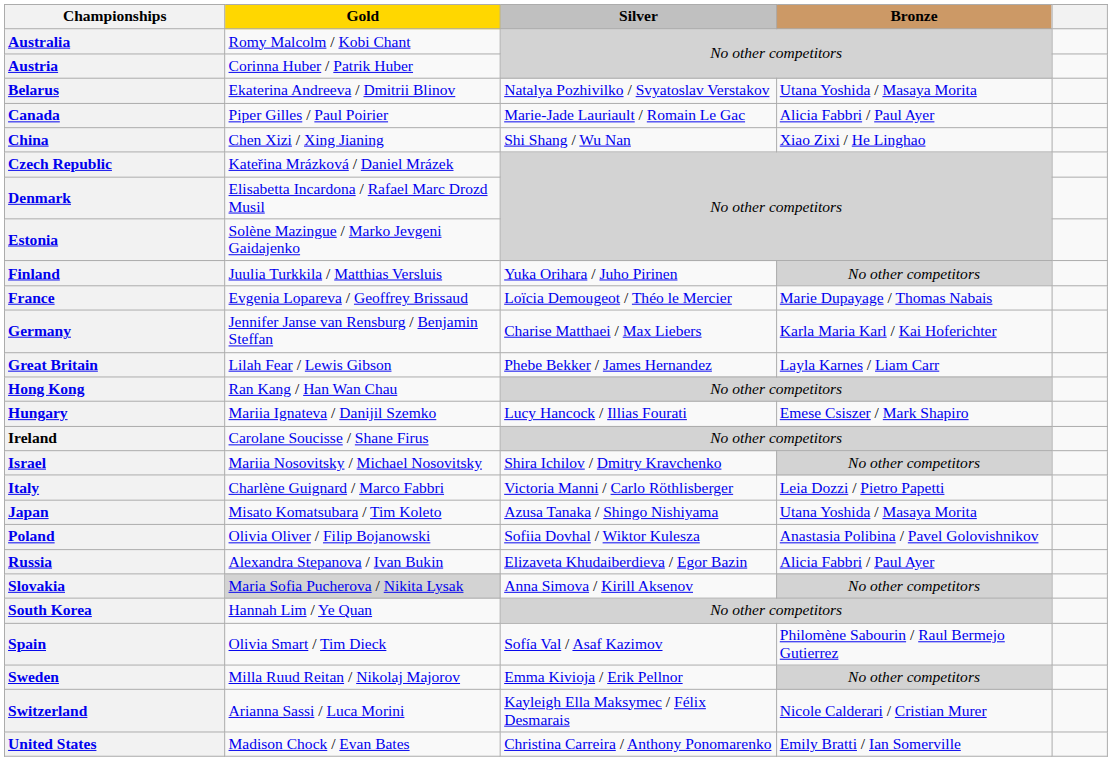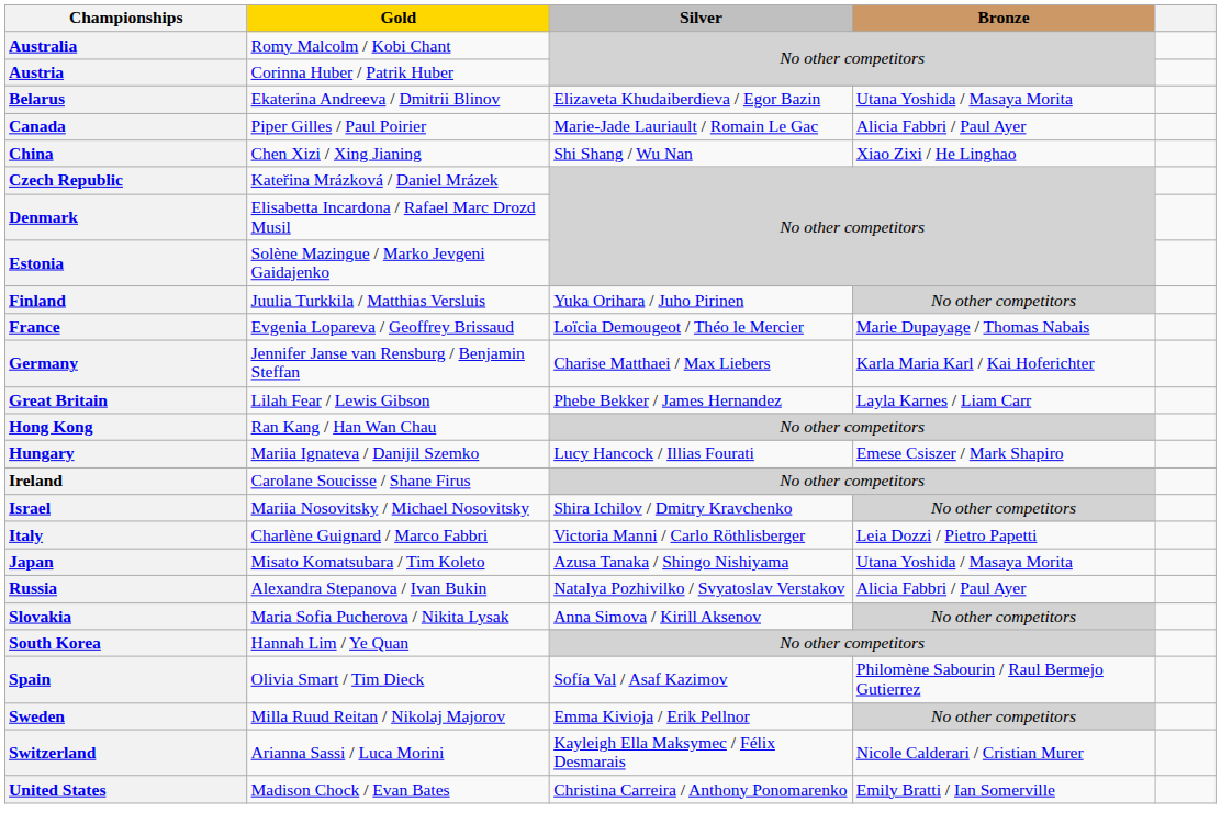 <table class="wikitable unsortable" style="text-align:left; width:90%;">
 <tr>
 <th scope="col" style="text-align:center; width:20%;">Championships</th>
 <td scope="col" style="text-align:center; width:25%; background:gold"><strong>Gold</strong></td>
 <td scope="col" style="text-align:center; width:25%; background:silver"><strong>Silver</strong></td>
 <td scope="col" style="text-align:center; width:25%; background:#c96"><strong>Bronze</strong></td>
 <th scope="col" style="text-align:center; width:5%;"></th>
 </tr>
 <tr>
 <th scope="row" style="text-align:left"> <a href='#'>Australia</a></th>
 <td><a href='#'>Romy Malcolm</a> / <a href='#'>Kobi Chant</a></td>
 <td colspan="2" rowspan="2" align="center" bgcolor="lightgray"><em>No other competitors</em></td>
 <td></td>
 </tr>
 <tr>
 <th scope="row" style="text-align:left"> <a href='#'>Austria</a></th>
 <td><a href='#'>Corinna Huber</a> / <a href='#'>Patrik Huber</a></td>
 <td></td>
 </tr>
 <tr>
 <th scope="row" style="text-align:left"> <a href='#'>Belarus</a></th>
 <td><a href='#'>Ekaterina Andreeva</a> / <a href='#'>Dmitrii Blinov</a></td>
-<td><a href='#'>Natalya Pozhivilko</a> / <a href='#'>Svyatoslav Verstakov</a></td>
+<td><a href='#'>Elizaveta Khudaiberdieva</a> / <a href='#'>Egor Bazin</a></td>
 <td><a href='#'>Utana Yoshida</a> / <a href='#'>Masaya Morita</a></td>
 <td></td>
 </tr>
 <tr>
 <th scope="row" style="text-align:left"> <a href='#'>Canada</a></th>
 <td><a href='#'>Piper Gilles</a> / <a href='#'>Paul Poirier</a></td>
 <td><a href='#'>Marie-Jade Lauriault</a> / <a href='#'>Romain Le Gac</a></td>
 <td><a href='#'>Alicia Fabbri</a> / <a href='#'>Paul Ayer</a></td>
 <td></td>
 </tr>
 <tr>
 <th scope="row" style="text-align:left"> <a href='#'>China</a></th>
 <td><a href='#'>Chen Xizi</a> / <a href='#'>Xing Jianing</a></td>
 <td><a href='#'>Shi Shang</a> / <a href='#'>Wu Nan</a></td>
 <td><a href='#'>Xiao Zixi</a> / <a href='#'>He Linghao</a></td>
 <td></td>
 </tr>
 <tr>
 <th scope="row" style="text-align:left"> <a href='#'>Czech Republic</a></th>
 <td><a href='#'>Kateřina Mrázková</a> / <a href='#'>Daniel Mrázek</a></td>
 <td colspan="2" rowspan="3" align="center" bgcolor="lightgray"><em>No other competitors</em></td>
 <td></td>
 </tr>
 <tr>
 <th scope="row" style="text-align:left"> <a href='#'>Denmark</a></th>
 <td><a href='#'>Elisabetta Incardona</a> / <a href='#'>Rafael Marc Drozd Musil</a></td>
 <td></td>
 </tr>
 <tr>
 <th scope="row" style="text-align:left"> <a href='#'>Estonia</a></th>
 <td><a href='#'>Solène Mazingue</a> / <a href='#'>Marko Jevgeni Gaidajenko</a></td>
 <td></td>
 </tr>
 <tr>
 <th scope="row" style="text-align:left"> <a href='#'>Finland</a></th>
 <td><a href='#'>Juulia Turkkila</a> / <a href='#'>Matthias Versluis</a></td>
 <td><a href='#'>Yuka Orihara</a> / <a href='#'>Juho Pirinen</a></td>
 <td align="center" bgcolor="lightgray"><em>No other competitors</em></td>
 <td></td>
 </tr>
 <tr>
 <th scope="row" style="text-align:left"> <a href='#'>France</a></th>
 <td><a href='#'>Evgenia Lopareva</a> / <a href='#'>Geoffrey Brissaud</a></td>
 <td><a href='#'>Loïcia Demougeot</a> / <a href='#'>Théo le Mercier</a></td>
 <td><a href='#'>Marie Dupayage</a> / <a href='#'>Thomas Nabais</a></td>
 <td></td>
 </tr>
 <tr>
 <th scope="row" style="text-align:left"> <a href='#'>Germany</a></th>
 <td><a href='#'>Jennifer Janse van Rensburg</a> / <a href='#'>Benjamin Steffan</a></td>
 <td><a href='#'>Charise Matthaei</a> / <a href='#'>Max Liebers</a></td>
 <td><a href='#'>Karla Maria Karl</a> / <a href='#'>Kai Hoferichter</a></td>
 <td></td>
 </tr>
 <tr>
 <th scope="row" style="text-align:left"> <a href='#'>Great Britain</a></th>
 <td><a href='#'>Lilah Fear</a> / <a href='#'>Lewis Gibson</a></td>
 <td><a href='#'>Phebe Bekker</a> / <a href='#'>James Hernandez</a></td>
 <td><a href='#'>Layla Karnes</a> / <a href='#'>Liam Carr</a></td>
 <td></td>
 </tr>
 <tr>
 <th scope="row" style="text-align:left"> <a href='#'>Hong Kong</a></th>
 <td><a href='#'>Ran Kang</a> / <a href='#'>Han Wan Chau</a></td>
 <td colspan="2" align="center" bgcolor="lightgray"><em>No other competitors</em></td>
 <td></td>
 </tr>
 <tr>
 <th scope="row" style="text-align:left"> <a href='#'>Hungary</a></th>
 <td><a href='#'>Mariia Ignateva</a> / <a href='#'>Danijil Szemko</a></td>
 <td><a href='#'>Lucy Hancock</a> / <a href='#'>Illias Fourati</a></td>
 <td><a href='#'>Emese Csiszer</a> / <a href='#'>Mark Shapiro</a></td>
 <td></td>
 </tr>
 <tr>
 <th scope="row" style="text-align:left"> Ireland</th>
 <td><a href='#'>Carolane Soucisse</a> / <a href='#'>Shane Firus</a></td>
 <td colspan="2" align="center" bgcolor="lightgray"><em>No other competitors</em></td>
 <td></td>
 </tr>
 <tr>
 <th scope="row" style="text-align:left"> <a href='#'>Israel</a></th>
 <td><a href='#'>Mariia Nosovitsky</a> / <a href='#'>Michael Nosovitsky</a></td>
 <td><a href='#'>Shira Ichilov</a> / <a href='#'>Dmitry Kravchenko</a></td>
 <td align="center" bgcolor="lightgray"><em>No other competitors</em></td>
 <td></td>
 </tr>
 <tr>
 <th scope="row" style="text-align:left"> <a href='#'>Italy</a></th>
 <td><a href='#'>Charlène Guignard</a> / <a href='#'>Marco Fabbri</a></td>
 <td><a href='#'>Victoria Manni</a> / <a href='#'>Carlo Röthlisberger</a></td>
 <td><a href='#'>Leia Dozzi</a> / <a href='#'>Pietro Papetti</a></td>
 <td></td>
 </tr>
 <tr>
 <th scope="row" style="text-align:left"> <a href='#'>Japan</a></th>
 <td><a href='#'>Misato Komatsubara</a> / <a href='#'>Tim Koleto</a></td>
 <td><a href='#'>Azusa Tanaka</a> / <a href='#'>Shingo Nishiyama</a></td>
 <td><a href='#'>Utana Yoshida</a> / <a href='#'>Masaya Morita</a></td>
 <td></td>
 </tr>
 <tr>
-<th scope="row" style="text-align:left"> <a href='#'>Poland</a></th>
-<td><a href='#'>Olivia Oliver</a> / <a href='#'>Filip Bojanowski</a></td>
-<td><a href='#'>Sofiia Dovhal</a> / <a href='#'>Wiktor Kulesza</a></td>
-<td><a href='#'>Anastasia Polibina</a> / <a href='#'>Pavel Golovishnikov</a></td>
-<td></td>
-</tr>
-<tr>
 <th scope="row" style="text-align:left"> <a href='#'>Russia</a></th>
 <td><a href='#'>Alexandra Stepanova</a> / <a href='#'>Ivan Bukin</a></td>
-<td><a href='#'>Elizaveta Khudaiberdieva</a> / <a href='#'>Egor Bazin</a></td>
+<td><a href='#'>Natalya Pozhivilko</a> / <a href='#'>Svyatoslav Verstakov</a></td>
 <td><a href='#'>Alicia Fabbri</a> / <a href='#'>Paul Ayer</a></td>
 <td></td>
 </tr>
 <tr>
 <th scope="row" style="text-align:left"> <a href='#'>Slovakia</a></th>
-<td style="background: lightgrey;"><a href='#'>Maria Sofia Pucherova</a> / <a href='#'>Nikita Lysak</a></td>
+<td><a href='#'>Maria Sofia Pucherova</a> / <a href='#'>Nikita Lysak</a></td>
 <td><a href='#'>Anna Simova</a> / <a href='#'>Kirill Aksenov</a></td>
 <td align="center" bgcolor="lightgray"><em>No other competitors</em></td>
 <td></td>
 </tr>
 <tr>
 <th scope="row" style="text-align:left"> <a href='#'>South Korea</a></th>
 <td><a href='#'>Hannah Lim</a> / <a href='#'>Ye Quan</a></td>
 <td colspan=2 align="center" bgcolor="lightgray"><em>No other competitors</em></td>
 <td></td>
 </tr>
 <tr>
 <th scope="row" style="text-align:left"> <a href='#'>Spain</a></th>
 <td><a href='#'>Olivia Smart</a> / <a href='#'>Tim Dieck</a></td>
 <td><a href='#'>Sofía Val</a> / <a href='#'>Asaf Kazimov</a></td>
 <td><a href='#'>Philomène Sabourin</a> / <a href='#'>Raul Bermejo Gutierrez</a></td>
 <td></td>
 </tr>
 <tr>
 <th scope="row" style="text-align:left"> <a href='#'>Sweden</a></th>
 <td><a href='#'>Milla Ruud Reitan</a> / <a href='#'>Nikolaj Majorov</a></td>
 <td><a href='#'>Emma Kivioja</a> / <a href='#'>Erik Pellnor</a></td>
 <td align="center" bgcolor="lightgray"><em>No other competitors</em></td>
 <td></td>
 </tr>
 <tr>
 <th scope="row" style="text-align:left"> <a href='#'>Switzerland</a></th>
 <td><a href='#'>Arianna Sassi</a> / <a href='#'>Luca Morini</a></td>
 <td><a href='#'>Kayleigh Ella Maksymec</a> / <a href='#'>Félix Desmarais</a></td>
 <td><a href='#'>Nicole Calderari</a> / <a href='#'>Cristian Murer</a></td>
 <td></td>
 </tr>
 <tr>
 <th scope="row" style="text-align:left"> <a href='#'>United States</a></th>
 <td><a href='#'>Madison Chock</a> / <a href='#'>Evan Bates</a></td>
 <td><a href='#'>Christina Carreira</a> / <a href='#'>Anthony Ponomarenko</a></td>
 <td><a href='#'>Emily Bratti</a> / <a href='#'>Ian Somerville</a></td>
 <td></td>
 </tr>
 </table>
